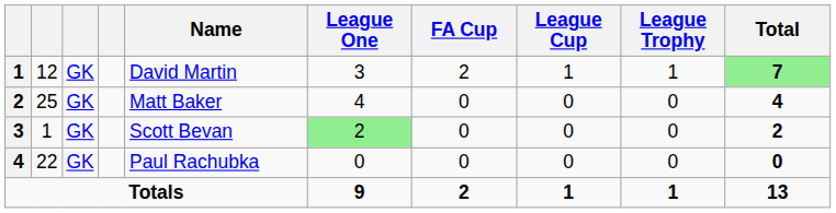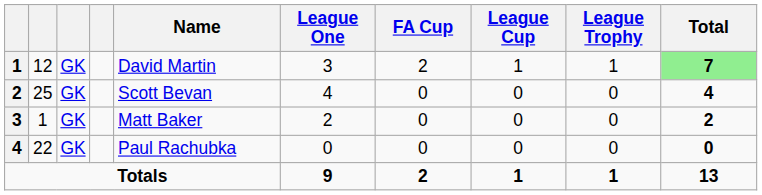 <table class="wikitable" style="text-align:center">
 <tr>
 <th width=15></th>
 <th width=15></th>
 <th width=15></th>
 <th width=15></th>
 <th width=145>Name</th>
 <th width=80><strong><a href='#'>League One</a></strong></th>
 <th width=80><strong><a href='#'>FA Cup</a></strong></th>
 <th width=80><strong><a href='#'>League Cup</a></strong></th>
 <th width=80><strong><a href='#'>League Trophy</a></strong></th>
 <th width=80>Total</th>
 </tr>
 <tr>
 <th>1</th>
 <td>12</td>
 <td><a href='#'>GK</a></td>
 <td></td>
 <td align=left><a href='#'>David Martin</a></td>
 <td>3</td>
 <td>2</td>
 <td>1</td>
 <td>1</td>
 <td style="background: lightgreen;"><strong>7</strong></td>
 </tr>
 <tr>
 <th>2</th>
 <td>25</td>
 <td><a href='#'>GK</a></td>
 <td></td>
-<td align=left><a href='#'>Matt Baker</a></td>
+<td align=left><a href='#'>Scott Bevan</a></td>
 <td>4</td>
 <td>0</td>
 <td>0</td>
 <td>0</td>
 <td><strong>4</strong></td>
 </tr>
 <tr>
 <th>3</th>
 <td>1</td>
 <td><a href='#'>GK</a></td>
 <td></td>
-<td align=left><a href='#'>Scott Bevan</a></td>
-<td style="background: lightgreen;">2</td>
+<td align=left><a href='#'>Matt Baker</a></td>
+<td>2</td>
 <td>0</td>
 <td>0</td>
 <td>0</td>
 <td><strong>2</strong></td>
 </tr>
 <tr>
 <th>4</th>
 <td>22</td>
 <td><a href='#'>GK</a></td>
 <td></td>
 <td align=left><a href='#'>Paul Rachubka</a></td>
 <td>0</td>
 <td>0</td>
 <td>0</td>
 <td>0</td>
 <td><strong>0</strong></td>
 </tr>
 <tr>
 <td colspan=5><strong>Totals</strong></td>
 <td><strong>9</strong></td>
 <td><strong>2</strong></td>
 <td><strong>1</strong></td>
 <td><strong>1</strong></td>
 <td><strong>13</strong></td>
 </tr>
 </table>
